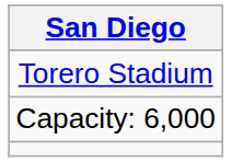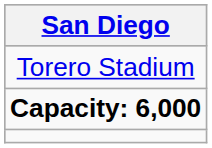 <table class="wikitable" style="text-align:center; margin: 1em auto;">
 <tr>
 <th width="100%"><a href='#'>San Diego</a></th>
 </tr>
 <tr>
 <td><a href='#'>Torero Stadium</a></td>
 </tr>
 <tr>
-<td>Capacity: 6,000</td>
+<td><strong>Capacity: 6,000</strong></td>
 </tr>
 <tr>
 <td></td>
 </tr>
 </table>
